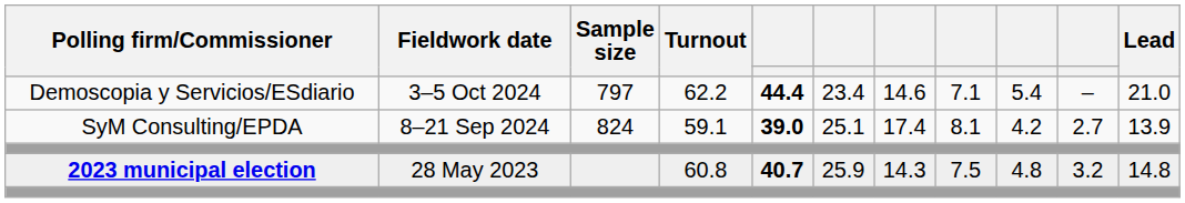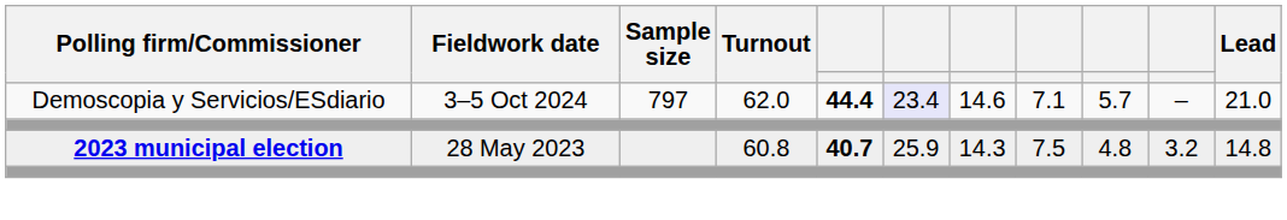 <table class="wikitable collapsible collapsed" style="text-align:center; font-size:95%; line-height:16px;">
 <tr style="height:42px;">
 <th style="width:250px;" rowspan="2">Polling firm/Commissioner</th>
 <th style="width:125px;" rowspan="2">Fieldwork date</th>
 <th style="width:50px;" rowspan="2">Sample size</th>
 <th style="width:45px;" rowspan="2">Turnout</th>
 <th style="width:35px;"></th>
 <th style="width:35px;"></th>
 <th style="width:35px;"></th>
 <th style="width:35px;"></th>
 <th style="width:35px;"></th>
 <th style="width:35px;"></th>
 <th style="width:30px;" rowspan="2">Lead</th>
 </tr>
 <tr>
 <th style="color:inherit;background:"></th>
 <th style="color:inherit;background:"></th>
 <th style="color:inherit;background:"></th>
 <th style="color:inherit;background:"></th>
 <th style="color:inherit;background:"></th>
 <th style="color:inherit;background:"></th>
 </tr>
 <tr>
 <td>Demoscopia y Servicios/ESdiario</td>
 <td>3–5 Oct 2024</td>
 <td>797</td>
-<td>62.2</td>
+<td>62.0</td>
 <td><strong>44.4</strong><br></td>
-<td>23.4<br></td>
+<td style="background: lavender;">23.4<br></td>
 <td>14.6<br></td>
 <td>7.1<br></td>
-<td>5.4<br></td>
+<td>5.7<br></td>
 <td>–</td>
 <td style="background:">21.0</td>
-</tr>
-<tr>
-<td>SyM Consulting/EPDA</td>
-<td>8–21 Sep 2024</td>
-<td>824</td>
-<td>59.1</td>
-<td><strong>39.0</strong><br></td>
-<td>25.1<br></td>
-<td>17.4<br></td>
-<td>8.1<br></td>
-<td>4.2<br></td>
-<td>2.7<br></td>
-<td style="background:">13.9</td>
 </tr>
 <tr>
 <td colspan="11" style="background:#A0A0A0"></td>
 </tr>
 <tr style="background:#EFEFEF;">
 <td><strong><a href='#'>2023 municipal election</a></strong></td>
 <td>28 May 2023</td>
 <td></td>
 <td>60.8</td>
 <td><strong>40.7</strong><br></td>
 <td>25.9<br></td>
 <td>14.3<br></td>
 <td>7.5<br></td>
 <td>4.8<br></td>
 <td>3.2<br></td>
 <td style="background:">14.8</td>
 </tr>
 <tr>
 <td colspan="11" style="background:#A0A0A0"></td>
 </tr>
 </table>
